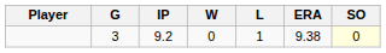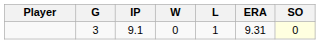 <table class="wikitable sortable">
 <tr>
 <th bgcolor="#DDDDFF" width="16%">Player</th>
 <th bgcolor="#DDDDFF" width="9%">G</th>
 <th bgcolor="#DDDDFF" width="9%">IP</th>
 <th bgcolor="#DDDDFF" width="9%">W</th>
 <th bgcolor="#DDDDFF" width="9%">L</th>
 <th bgcolor="#DDDDFF" width="9%">ERA</th>
 <th bgcolor="#DDDDFF" width="9%">SO</th>
 </tr>
 <tr align="center">
 <td></td>
 <td>3</td>
-<td>9.2</td>
+<td>9.1</td>
 <td>0</td>
 <td>1</td>
-<td>9.38</td>
+<td>9.31</td>
 <td style="background: lightyellow;">0</td>
 </tr>
 </table>
